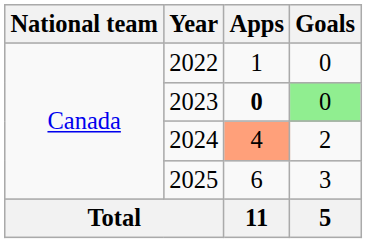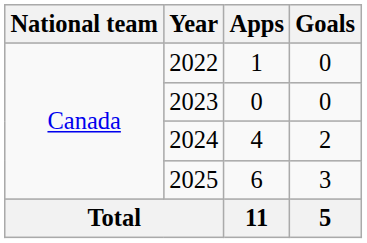 <table class="wikitable" style="text-align:center">
 <tr>
 <th>National team</th>
 <th>Year</th>
 <th>Apps</th>
 <th>Goals</th>
 </tr>
 <tr>
 <td rowspan="4"><a href='#'>Canada</a></td>
 <td>2022</td>
 <td>1</td>
 <td>0</td>
 </tr>
 <tr>
 <td>2023</td>
-<td><strong>0</strong></td>
-<td style="background: lightgreen;">0</td>
+<td>0</td>
+<td>0</td>
 </tr>
 <tr>
 <td>2024</td>
-<td style="background: lightsalmon;">4</td>
+<td>4</td>
 <td>2</td>
 </tr>
 <tr>
 <td>2025</td>
 <td>6</td>
 <td>3</td>
 </tr>
 <tr>
 <th colspan="2">Total</th>
 <th>11</th>
 <th>5</th>
 </tr>
 </table>
